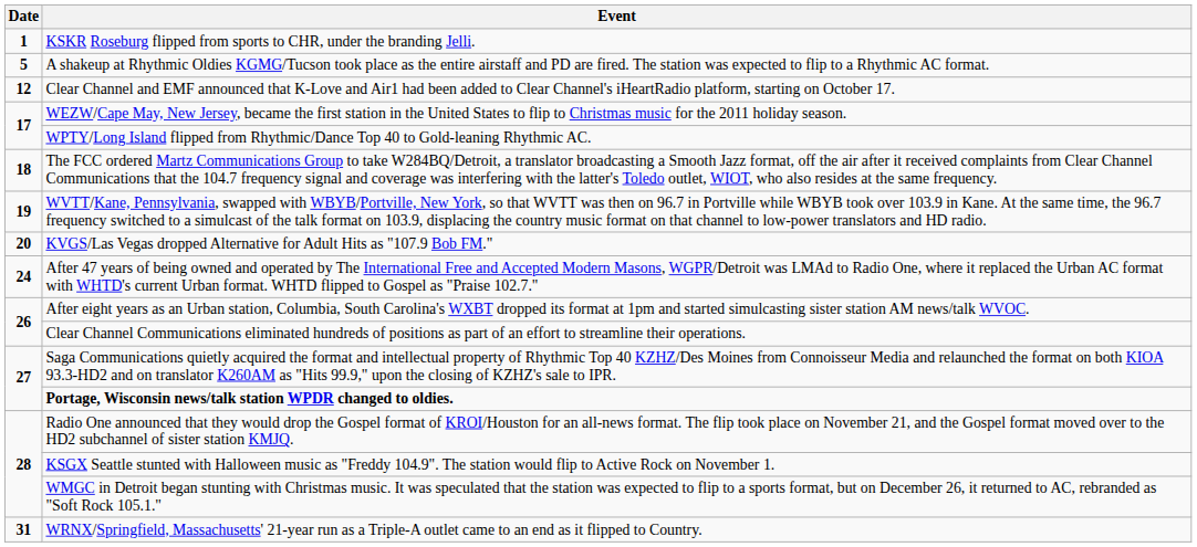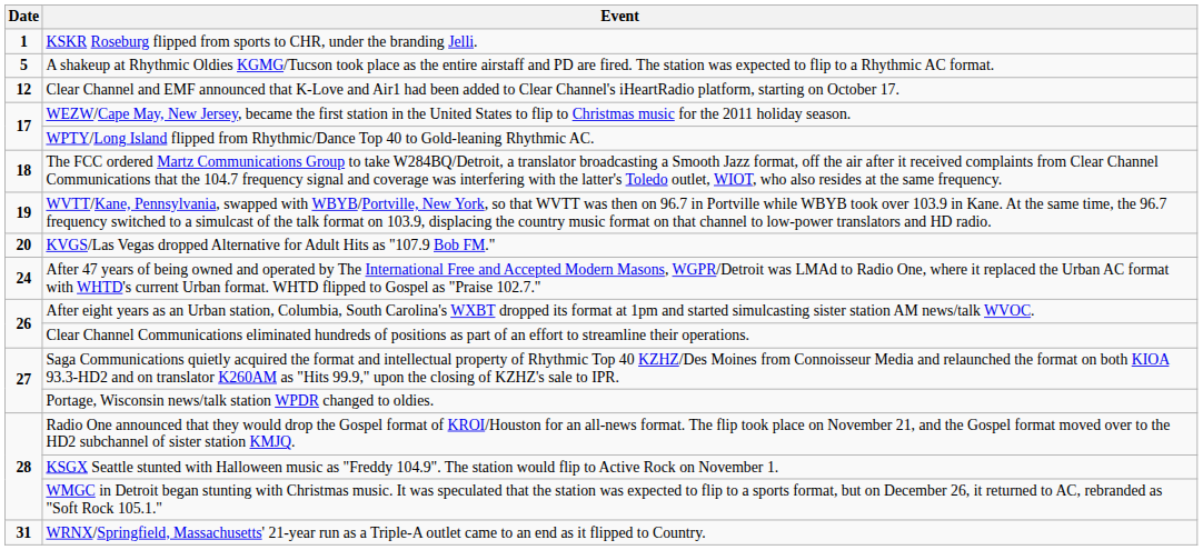 <table class="wikitable">
 <tr>
 <th>Date</th>
 <th>Event</th>
 </tr>
 <tr>
 <td style="text-align:center;"><strong>1</strong></td>
 <td><a href='#'>KSKR</a> <a href='#'>Roseburg</a> flipped from sports to CHR, under the branding <a href='#'>Jelli</a>.</td>
 </tr>
 <tr>
 <td style="text-align:center;"><strong>5</strong></td>
 <td>A shakeup at Rhythmic Oldies <a href='#'>KGMG</a>/Tucson took place as the entire airstaff and PD are fired. The station was expected to flip to a Rhythmic AC format.</td>
 </tr>
 <tr>
 <td style="text-align:center;"><strong>12</strong></td>
 <td>Clear Channel and EMF announced that K-Love and Air1 had been added to Clear Channel's iHeartRadio platform, starting on October 17.</td>
 </tr>
 <tr>
 <td style="text-align:center;" rowspan="2"><strong>17</strong></td>
 <td><a href='#'>WEZW</a>/<a href='#'>Cape May, New Jersey</a>, became the first station in the United States to flip to <a href='#'>Christmas music</a> for the 2011 holiday season.</td>
 </tr>
 <tr>
 <td><a href='#'>WPTY</a>/<a href='#'>Long Island</a> flipped from Rhythmic/Dance Top 40 to Gold-leaning Rhythmic AC.</td>
 </tr>
 <tr>
 <td style="text-align:center;"><strong>18</strong></td>
 <td>The FCC ordered <a href='#'>Martz Communications Group</a> to take W284BQ/Detroit, a translator broadcasting a Smooth Jazz format, off the air after it received complaints from Clear Channel Communications that the 104.7 frequency signal and coverage was interfering with the latter's <a href='#'>Toledo</a> outlet, <a href='#'>WIOT</a>, who also resides at the same frequency.</td>
 </tr>
 <tr>
 <td style="text-align:center;"><strong>19</strong></td>
 <td><a href='#'>WVTT</a>/<a href='#'>Kane, Pennsylvania</a>, swapped with <a href='#'>WBYB</a>/<a href='#'>Portville, New York</a>, so that WVTT was then on 96.7 in Portville while WBYB took over 103.9 in Kane. At the same time, the 96.7 frequency switched to a simulcast of the talk format on 103.9, displacing the country music format on that channel to low-power translators and HD radio.</td>
 </tr>
 <tr>
 <td style="text-align:center;"><strong>20</strong></td>
 <td><a href='#'>KVGS</a>/Las Vegas dropped Alternative for Adult Hits as "107.9 <a href='#'>Bob FM</a>."</td>
 </tr>
 <tr>
 <td style="text-align:center;"><strong>24</strong></td>
 <td>After 47 years of being owned and operated by The <a href='#'>International Free and Accepted Modern Masons</a>, <a href='#'>WGPR</a>/Detroit was LMAd to Radio One, where it replaced the Urban AC format with <a href='#'>WHTD</a>'s current Urban format. WHTD flipped to Gospel as "Praise 102.7."</td>
 </tr>
 <tr>
 <td style="text-align:center;" rowspan="2"><strong>26</strong></td>
 <td>After eight years as an Urban station, Columbia, South Carolina's <a href='#'>WXBT</a> dropped its format at 1pm and started simulcasting sister station AM news/talk <a href='#'>WVOC</a>.</td>
 </tr>
 <tr>
 <td>Clear Channel Communications eliminated hundreds of positions as part of an effort to streamline their operations.</td>
 </tr>
 <tr>
 <td style="text-align:center;" rowspan="2"><strong>27</strong></td>
 <td>Saga Communications quietly acquired the format and intellectual property of Rhythmic Top 40 <a href='#'>KZHZ</a>/Des Moines from Connoisseur Media and relaunched the format on both <a href='#'>KIOA</a> 93.3-HD2 and on translator <a href='#'>K260AM</a> as "Hits 99.9," upon the closing of KZHZ's sale to IPR.</td>
 </tr>
 <tr>
-<td><strong>Portage, Wisconsin news/talk station <a href='#'>WPDR</a> changed to oldies.</strong></td>
+<td>Portage, Wisconsin news/talk station <a href='#'>WPDR</a> changed to oldies.</td>
 </tr>
 <tr>
 <td style="text-align:center;" rowspan="3"><strong>28</strong></td>
 <td>Radio One announced that they would drop the Gospel format of <a href='#'>KROI</a>/Houston for an all-news format. The flip took place on November 21, and the Gospel format moved over to the HD2 subchannel of sister station <a href='#'>KMJQ</a>.</td>
 </tr>
 <tr>
 <td><a href='#'>KSGX</a> Seattle stunted with Halloween music as "Freddy 104.9". The station would flip to Active Rock on November 1.</td>
 </tr>
 <tr>
 <td><a href='#'>WMGC</a> in Detroit began stunting with Christmas music. It was speculated that the station was expected to flip to a sports format, but on December 26, it returned to AC, rebranded as "Soft Rock 105.1."</td>
 </tr>
 <tr>
 <td style="text-align:center;"><strong>31</strong></td>
 <td><a href='#'>WRNX</a>/<a href='#'>Springfield, Massachusetts</a>' 21-year run as a Triple-A outlet came to an end as it flipped to Country.</td>
 </tr>
 </table>
